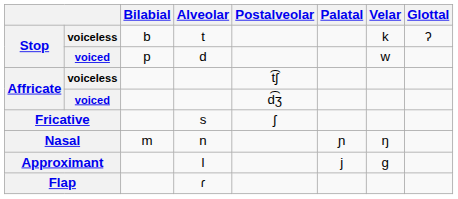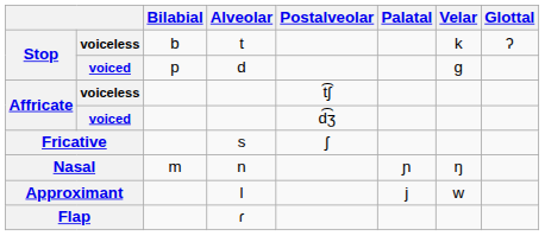 <table class="wikitable" style="text-align:center">
 <tr>
 <th colspan="2"></th>
 <th><a href='#'>Bilabial</a></th>
 <th><a href='#'>Alveolar</a></th>
 <th><a href='#'>Postalveolar</a></th>
 <th><a href='#'>Palatal</a></th>
 <th><a href='#'>Velar</a></th>
 <th><a href='#'>Glottal</a></th>
 </tr>
 <tr>
 <th rowspan="2"><a href='#'>Stop</a></th>
 <th><small>voiceless</small></th>
 <td>b</td>
 <td>t</td>
 <td></td>
 <td></td>
 <td>k</td>
 <td>ʔ</td>
 </tr>
 <tr>
 <th><a href='#'><small>voiced</small></a></th>
 <td>p</td>
 <td>d</td>
 <td></td>
 <td></td>
-<td>w</td>
+<td>g</td>
 <td></td>
 </tr>
 <tr>
 <th rowspan="2"><a href='#'>Affricate</a></th>
 <th><small>voiceless</small></th>
 <td></td>
 <td></td>
 <td>t͡ʃ</td>
 <td></td>
 <td></td>
 <td></td>
 </tr>
 <tr>
 <th><a href='#'><small>voiced</small></a></th>
 <td></td>
 <td></td>
 <td>d͡ʒ</td>
 <td></td>
 <td></td>
 <td></td>
 </tr>
 <tr>
 <th colspan="2"><a href='#'>Fricative</a></th>
 <td></td>
 <td>s</td>
 <td>ʃ</td>
 <td></td>
 <td></td>
 <td></td>
 </tr>
 <tr>
 <th colspan="2"><a href='#'>Nasal</a></th>
 <td>m</td>
 <td>n</td>
 <td></td>
 <td>ɲ</td>
 <td>ŋ</td>
 <td></td>
 </tr>
 <tr>
 <th colspan="2"><a href='#'>Approximant</a></th>
 <td></td>
 <td>l</td>
 <td></td>
 <td>j</td>
-<td>g</td>
+<td>w</td>
 <td></td>
 </tr>
 <tr>
 <th colspan="2"><a href='#'>Flap</a></th>
 <td></td>
 <td>ɾ</td>
 <td></td>
 <td></td>
 <td></td>
 <td></td>
 </tr>
 </table>
